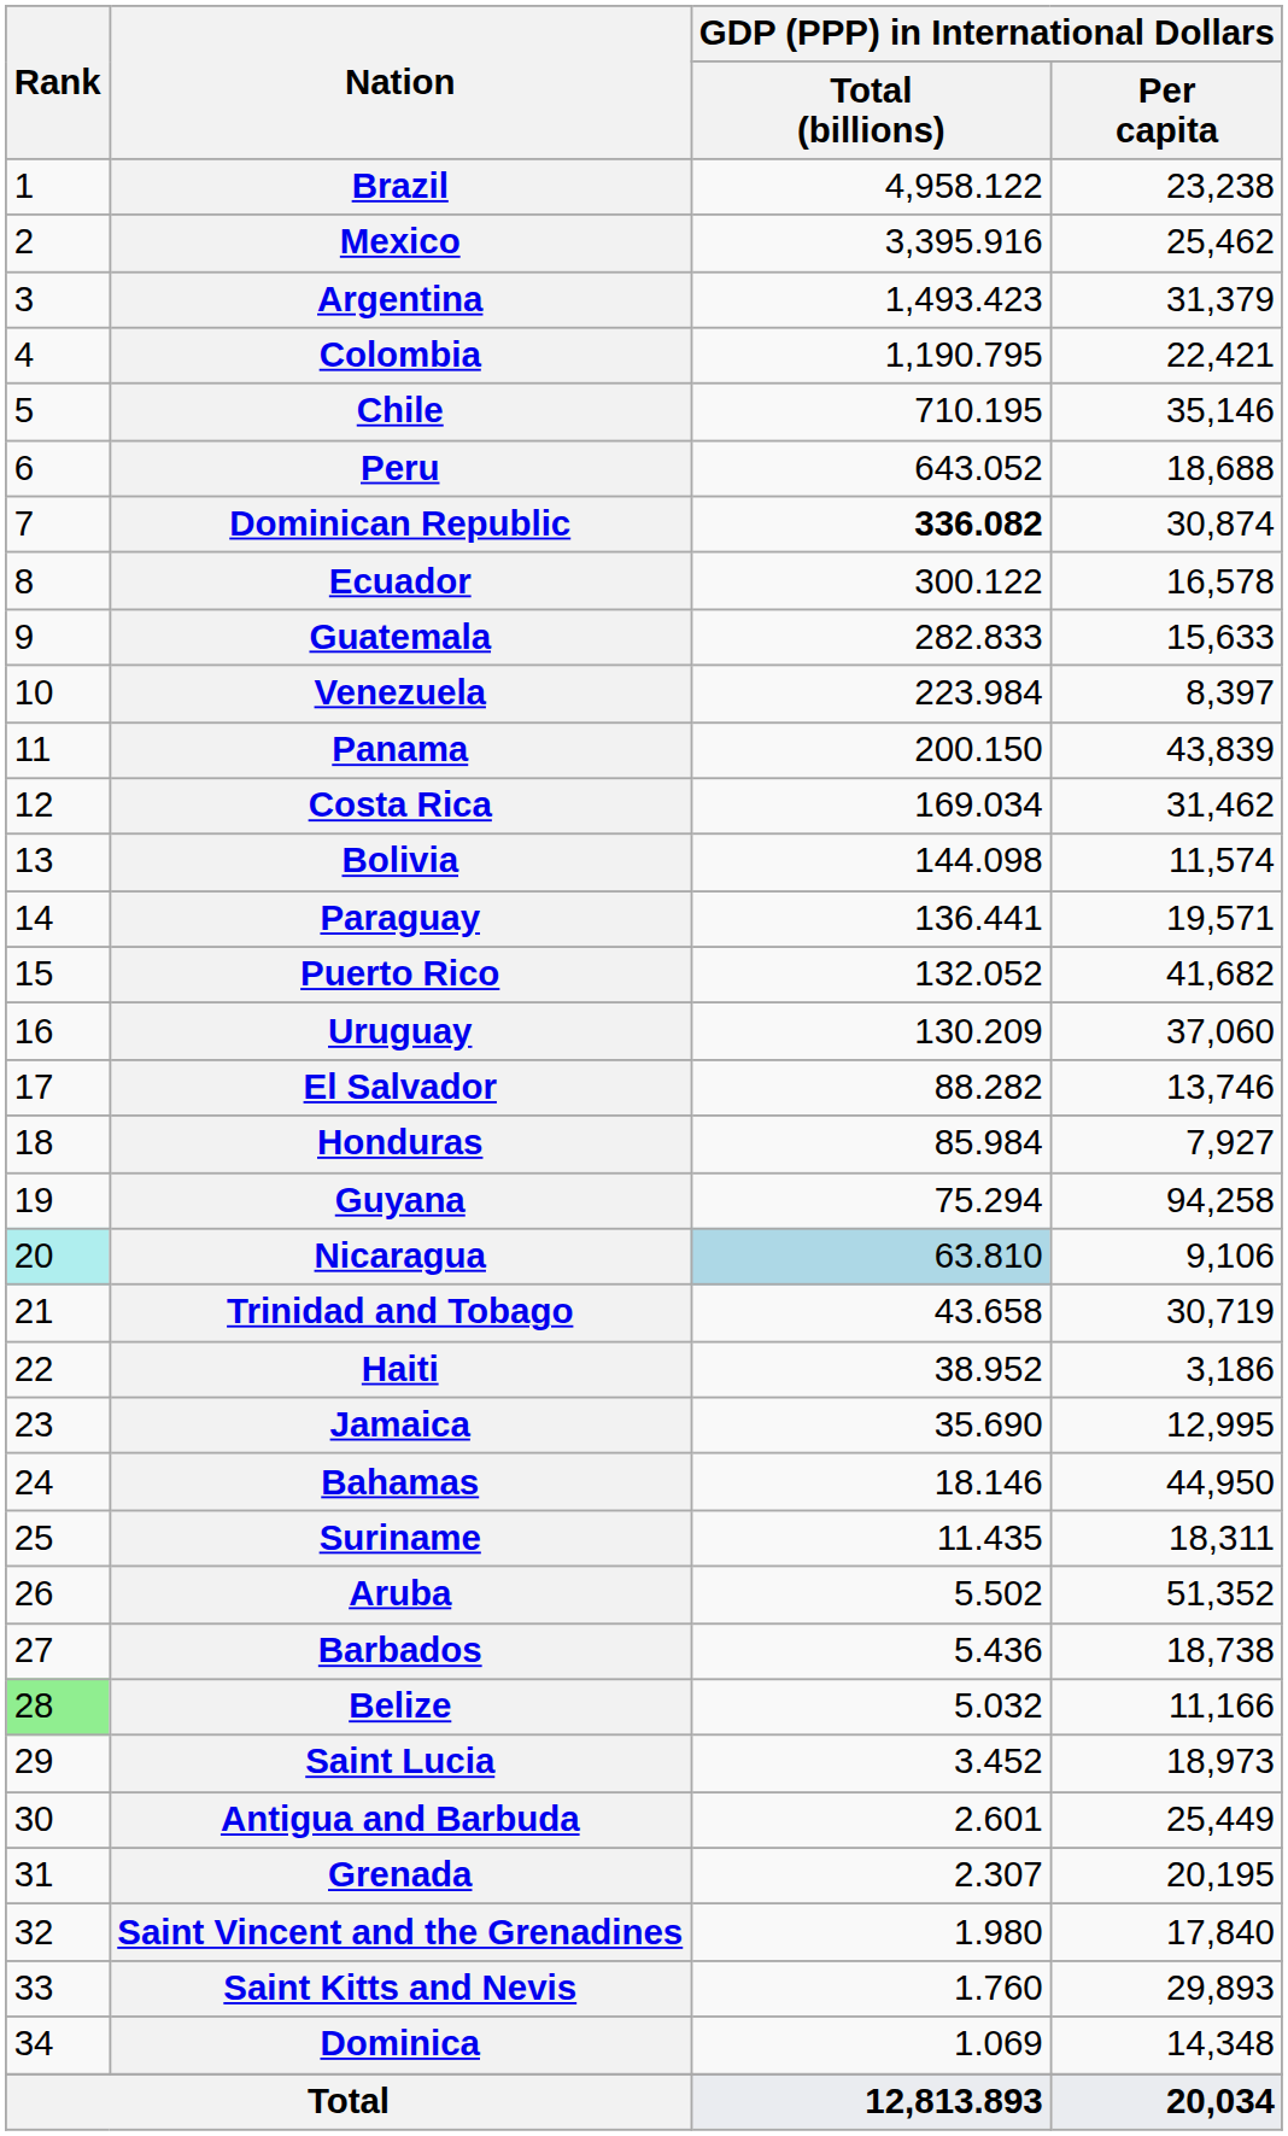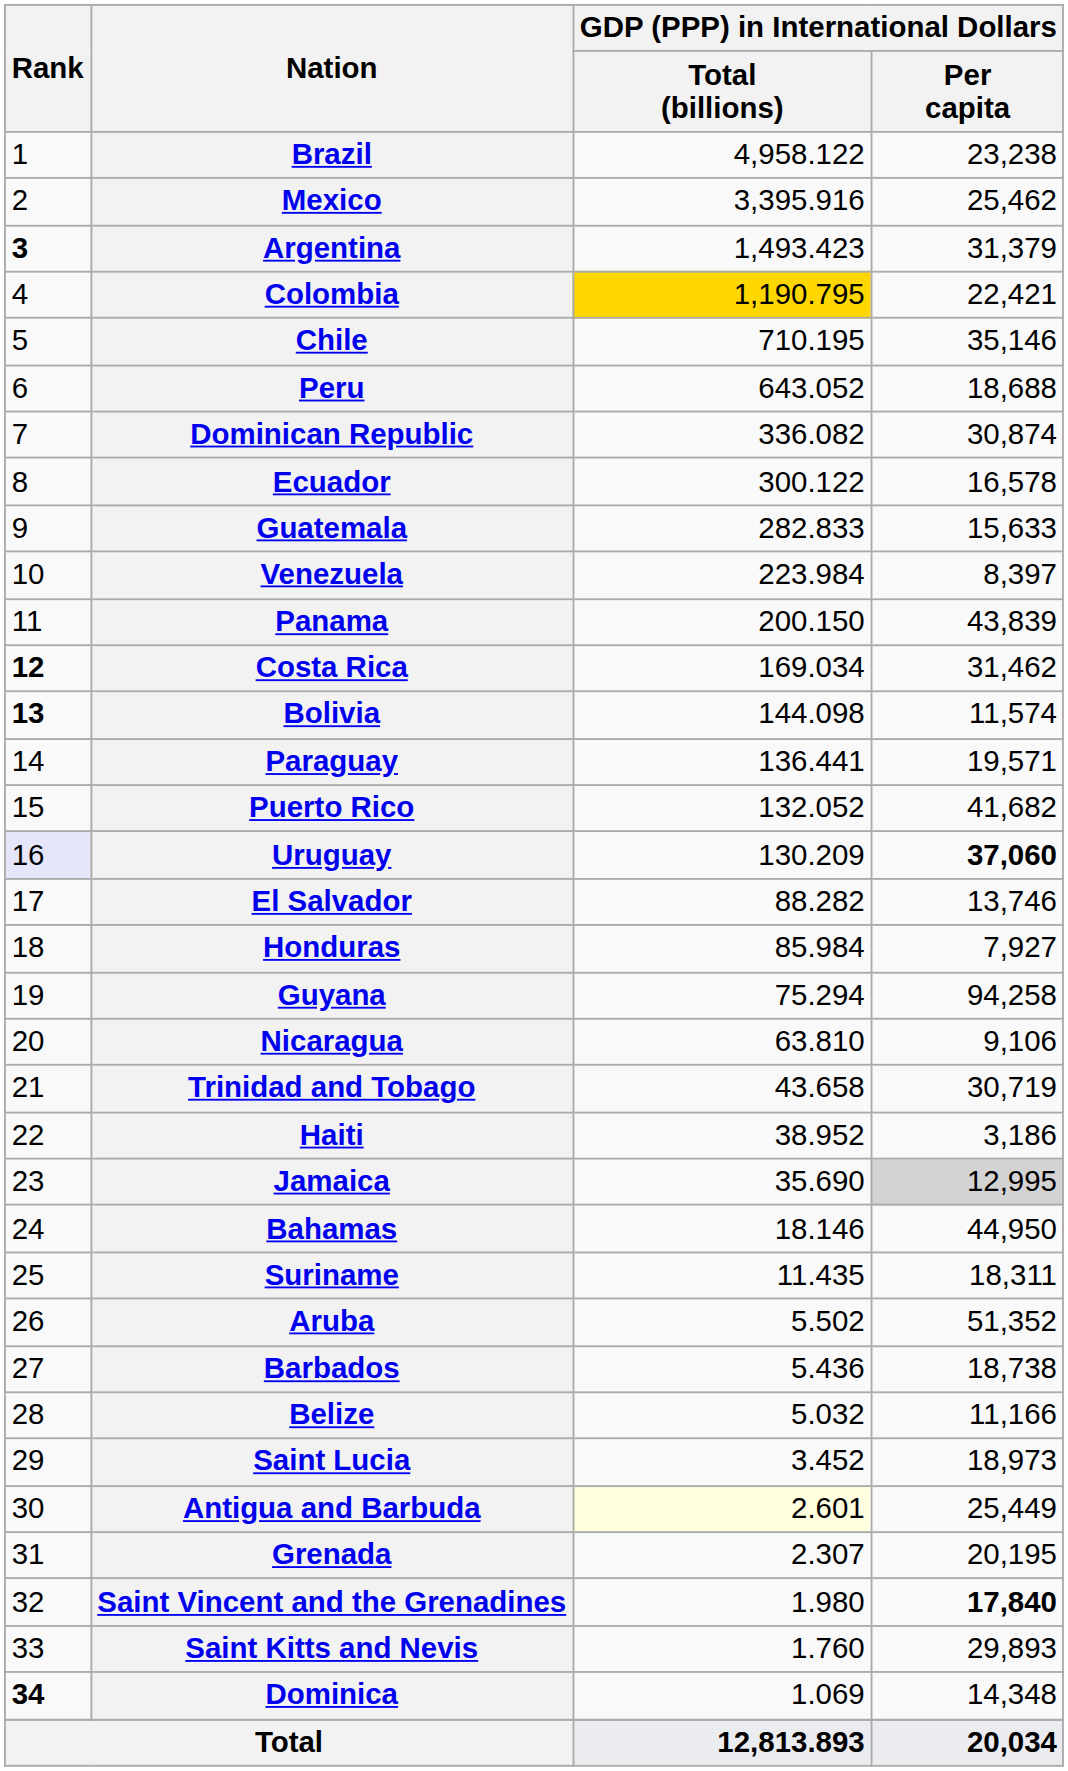 <table class="wikitable sortable plainrowheaders" style="text-align: right">
 <tr>
 <th rowspan=2>Rank</th>
 <th rowspan=2>Nation</th>
 <th colspan=2>GDP (PPP) in International Dollars</th>
 </tr>
 <tr>
 <th>Total<br>(billions)</th>
 <th>Per<br>capita</th>
 </tr>
 <tr>
 <td align="left">1</td>
 <th scope="row"><a href='#'>Brazil</a></th>
 <td>4,958.122</td>
 <td>23,238</td>
 </tr>
 <tr>
 <td align="left">2</td>
 <th scope="row"><a href='#'>Mexico</a></th>
 <td>3,395.916</td>
 <td>25,462</td>
 </tr>
 <tr>
-<td align="left">3</td>
+<td align="left"><strong>3</strong></td>
 <th scope="row"><a href='#'>Argentina</a></th>
 <td>1,493.423</td>
 <td>31,379</td>
 </tr>
 <tr>
 <td align="left">4</td>
 <th scope="row"><a href='#'>Colombia</a></th>
-<td>1,190.795</td>
+<td style="background: gold;">1,190.795</td>
 <td>22,421</td>
 </tr>
 <tr>
 <td align="left">5</td>
 <th scope="row"><a href='#'>Chile</a></th>
 <td>710.195</td>
 <td>35,146</td>
 </tr>
 <tr>
 <td align="left">6</td>
 <th scope="row"><a href='#'>Peru</a></th>
 <td>643.052</td>
 <td>18,688</td>
 </tr>
 <tr>
 <td align="left">7</td>
 <th scope="row"><a href='#'>Dominican Republic</a></th>
-<td><strong>336.082</strong></td>
+<td>336.082</td>
 <td>30,874</td>
 </tr>
 <tr>
 <td align="left">8</td>
 <th scope="row"><a href='#'>Ecuador</a></th>
 <td>300.122</td>
 <td>16,578</td>
 </tr>
 <tr>
 <td align="left">9</td>
 <th scope="row"><a href='#'>Guatemala</a></th>
 <td>282.833</td>
 <td>15,633</td>
 </tr>
 <tr>
 <td align="left">10</td>
 <th scope="row"><a href='#'>Venezuela</a></th>
 <td>223.984</td>
 <td>8,397</td>
 </tr>
 <tr>
 <td align="left">11</td>
 <th scope="row"><a href='#'>Panama</a></th>
 <td>200.150</td>
 <td>43,839</td>
 </tr>
 <tr>
-<td align="left">12</td>
+<td align="left"><strong>12</strong></td>
 <th scope="row"><a href='#'>Costa Rica</a></th>
 <td>169.034</td>
 <td>31,462</td>
 </tr>
 <tr>
-<td align="left">13</td>
+<td align="left"><strong>13</strong></td>
 <th scope="row"><a href='#'>Bolivia</a></th>
 <td>144.098</td>
 <td>11,574</td>
 </tr>
 <tr>
 <td align="left">14</td>
 <th scope="row"><a href='#'>Paraguay</a></th>
 <td>136.441</td>
 <td>19,571</td>
 </tr>
 <tr>
 <td align="left">15</td>
 <th scope="row"><a href='#'>Puerto Rico</a></th>
 <td>132.052</td>
 <td>41,682</td>
 </tr>
 <tr>
-<td align="left">16</td>
+<td align="left" style="background: lavender;">16</td>
 <th scope="row"><a href='#'>Uruguay</a></th>
 <td>130.209</td>
-<td>37,060</td>
+<td><strong>37,060</strong></td>
 </tr>
 <tr>
 <td align="left">17</td>
 <th scope="row"><a href='#'>El Salvador</a></th>
 <td>88.282</td>
 <td>13,746</td>
 </tr>
 <tr>
 <td align="left">18</td>
 <th scope="row"><a href='#'>Honduras</a></th>
 <td>85.984</td>
 <td>7,927</td>
 </tr>
 <tr>
 <td align="left">19</td>
 <th scope="row"><a href='#'>Guyana</a></th>
 <td>75.294</td>
 <td>94,258</td>
 </tr>
 <tr>
-<td align="left" style="background: paleturquoise;">20</td>
+<td align="left">20</td>
 <th scope="row"><a href='#'>Nicaragua</a></th>
-<td style="background: lightblue;">63.810</td>
+<td>63.810</td>
 <td>9,106</td>
 </tr>
 <tr>
 <td align="left">21</td>
 <th scope="row"><a href='#'>Trinidad and Tobago</a></th>
 <td>43.658</td>
 <td>30,719</td>
 </tr>
 <tr>
 <td align="left">22</td>
 <th scope="row"><a href='#'>Haiti</a></th>
 <td>38.952</td>
 <td>3,186</td>
 </tr>
 <tr>
 <td align="left">23</td>
 <th scope="row"><a href='#'>Jamaica</a></th>
 <td>35.690</td>
-<td>12,995</td>
+<td style="background: lightgrey;">12,995</td>
 </tr>
 <tr>
 <td align="left">24</td>
 <th scope="row"><a href='#'>Bahamas</a></th>
 <td>18.146</td>
 <td>44,950</td>
 </tr>
 <tr>
 <td align="left">25</td>
 <th scope="row"><a href='#'>Suriname</a></th>
 <td>11.435</td>
 <td>18,311</td>
 </tr>
 <tr>
 <td align="left">26</td>
 <th scope="row"><a href='#'>Aruba</a></th>
 <td>5.502</td>
 <td>51,352</td>
 </tr>
 <tr>
 <td align="left">27</td>
 <th scope="row"><a href='#'>Barbados</a></th>
 <td>5.436</td>
 <td>18,738</td>
 </tr>
 <tr>
-<td align="left" style="background: lightgreen;">28</td>
+<td align="left">28</td>
 <th scope="row"><a href='#'>Belize</a></th>
 <td>5.032</td>
 <td>11,166</td>
 </tr>
 <tr>
 <td align="left">29</td>
 <th scope="row"><a href='#'>Saint Lucia</a></th>
 <td>3.452</td>
 <td>18,973</td>
 </tr>
 <tr>
 <td align="left">30</td>
 <th scope="row"><a href='#'>Antigua and Barbuda</a></th>
-<td>2.601</td>
+<td style="background: lightyellow;">2.601</td>
 <td>25,449</td>
 </tr>
 <tr>
 <td align="left">31</td>
 <th scope="row"><a href='#'>Grenada</a></th>
 <td>2.307</td>
 <td>20,195</td>
 </tr>
 <tr>
 <td align="left">32</td>
 <th scope="row"><a href='#'>Saint Vincent and the Grenadines</a></th>
 <td>1.980</td>
-<td>17,840</td>
+<td><strong>17,840</strong></td>
 </tr>
 <tr>
 <td align="left">33</td>
 <th scope="row"><a href='#'>Saint Kitts and Nevis</a></th>
 <td>1.760</td>
 <td>29,893</td>
 </tr>
 <tr>
-<td align="left">34</td>
+<td align="left"><strong>34</strong></td>
 <th scope="row"><a href='#'>Dominica</a></th>
 <td>1.069</td>
 <td>14,348</td>
 </tr>
 <tr>
 </tr>
 <tr style="background: #eaecf0;" class="sortbottom">
 <th scope="row" colspan="2"><strong>Total</strong></th>
 <td style= "text-align: right;"><strong>12,813.893</strong></td>
 <td style="text-align: right;"><strong>20,034</strong></td>
 </tr>
 </table>
